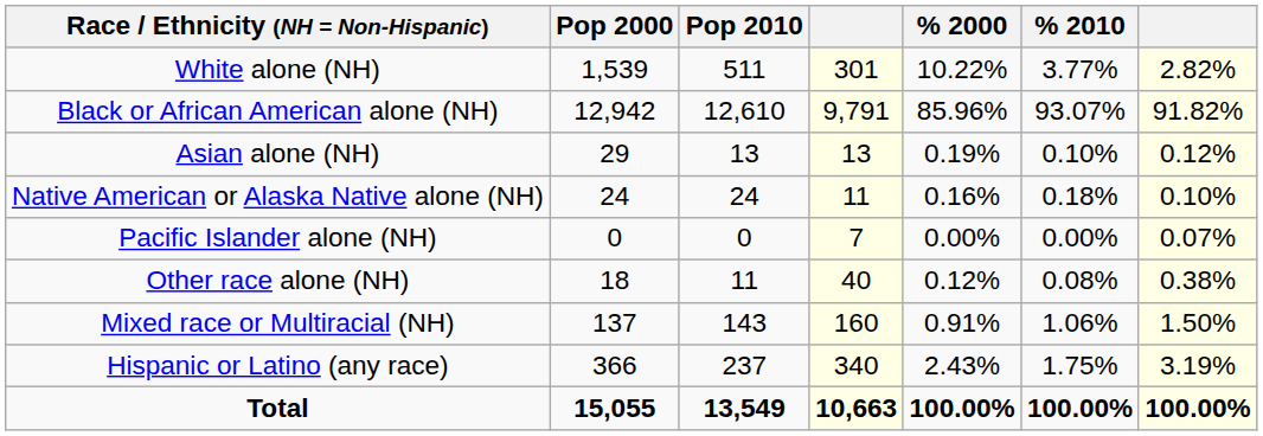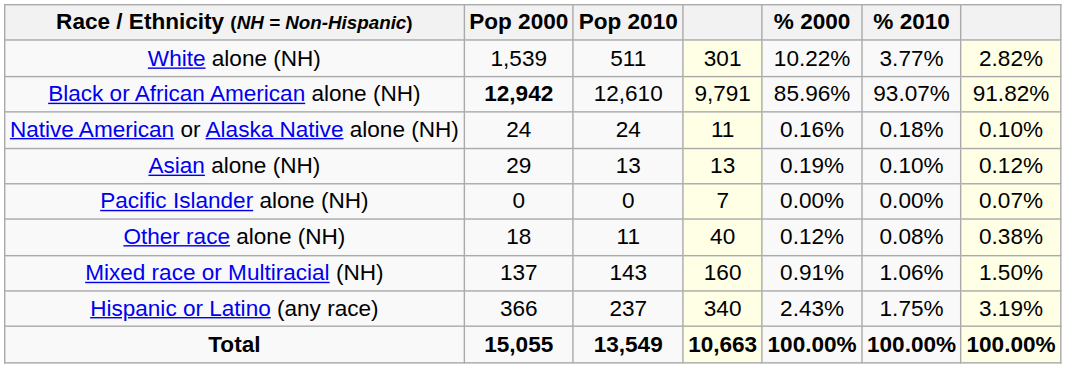 <table class="wikitable" style="text-align:center;">
 <tr>
 <th>Race / Ethnicity <small>(<em>NH = Non-Hispanic</em>)</small></th>
 <th>Pop 2000</th>
 <th>Pop 2010</th>
 <th></th>
 <th>% 2000</th>
 <th>% 2010</th>
 <th></th>
 </tr>
 <tr>
 <td><a href='#'>White</a> alone (NH)</td>
 <td>1,539</td>
 <td>511</td>
 <td style='background: #ffffe6;'>301</td>
 <td>10.22%</td>
 <td>3.77%</td>
 <td style='background: #ffffe6;'>2.82%</td>
 </tr>
 <tr>
 <td><a href='#'>Black or African American</a> alone (NH)</td>
-<td>12,942</td>
+<td><strong>12,942</strong></td>
 <td>12,610</td>
 <td style='background: #ffffe6;'>9,791</td>
 <td>85.96%</td>
 <td>93.07%</td>
 <td style='background: #ffffe6;'>91.82%</td>
+</tr>
+<tr>
+<td><a href='#'>Native American</a> or <a href='#'>Alaska Native</a> alone (NH)</td>
+<td>24</td>
+<td>24</td>
+<td style='background: #ffffe6;'>11</td>
+<td>0.16%</td>
+<td>0.18%</td>
+<td style='background: #ffffe6;'>0.10%</td>
 </tr>
 <tr>
 <td><a href='#'>Asian</a> alone (NH)</td>
 <td>29</td>
 <td>13</td>
 <td style='background: #ffffe6;'>13</td>
 <td>0.19%</td>
 <td>0.10%</td>
 <td style='background: #ffffe6;'>0.12%</td>
-</tr>
-<tr>
-<td><a href='#'>Native American</a> or <a href='#'>Alaska Native</a> alone (NH)</td>
-<td>24</td>
-<td>24</td>
-<td style='background: #ffffe6;'>11</td>
-<td>0.16%</td>
-<td>0.18%</td>
-<td style='background: #ffffe6;'>0.10%</td>
 </tr>
 <tr>
 <td><a href='#'>Pacific Islander</a> alone (NH)</td>
 <td>0</td>
 <td>0</td>
 <td style='background: #ffffe6;'>7</td>
 <td>0.00%</td>
 <td>0.00%</td>
 <td style='background: #ffffe6;'>0.07%</td>
 </tr>
 <tr>
 <td><a href='#'>Other race</a> alone (NH)</td>
 <td>18</td>
 <td>11</td>
 <td style='background: #ffffe6;'>40</td>
 <td>0.12%</td>
 <td>0.08%</td>
 <td style='background: #ffffe6;'>0.38%</td>
 </tr>
 <tr>
 <td><a href='#'>Mixed race or Multiracial</a> (NH)</td>
 <td>137</td>
 <td>143</td>
 <td style='background: #ffffe6;'>160</td>
 <td>0.91%</td>
 <td>1.06%</td>
 <td style='background: #ffffe6;'>1.50%</td>
 </tr>
 <tr>
 <td><a href='#'>Hispanic or Latino</a> (any race)</td>
 <td>366</td>
 <td>237</td>
 <td style='background: #ffffe6;'>340</td>
 <td>2.43%</td>
 <td>1.75%</td>
 <td style='background: #ffffe6;'>3.19%</td>
 </tr>
 <tr>
 <td><strong>Total</strong></td>
 <td><strong>15,055</strong></td>
 <td><strong>13,549</strong></td>
 <td style='background: #ffffe6;'><strong>10,663</strong></td>
 <td><strong>100.00%</strong></td>
 <td><strong>100.00%</strong></td>
 <td style='background: #ffffe6;'><strong>100.00%</strong></td>
 </tr>
 </table>
